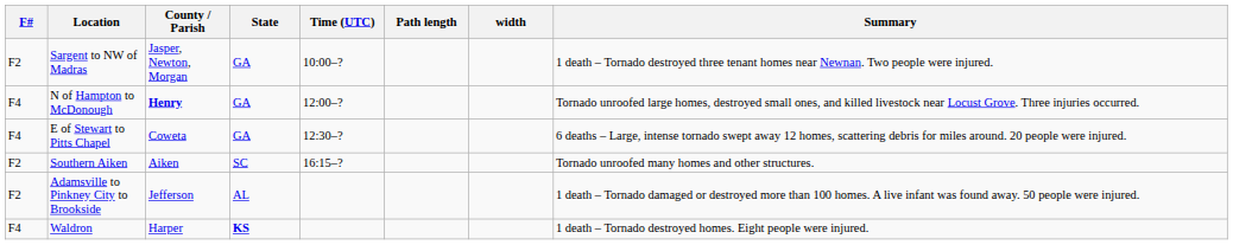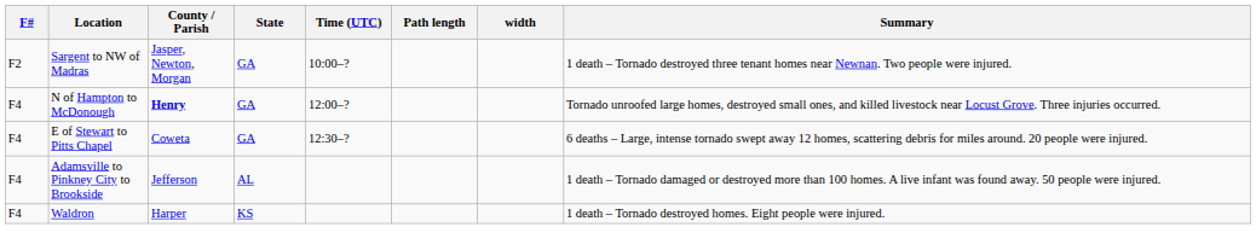 <table class="wikitable sortable" style="width:100%;">
 <tr>
 <th scope="col"  style="width:3%; text-align:center;"><a href='#'>F#</a></th>
 <th scope="col"  style="width:7%; text-align:center;" class="unsortable">Location</th>
 <th scope="col"  style="width:6%; text-align:center;" class="unsortable">County / Parish</th>
 <th scope="col"  style="width:5%; text-align:center;">State</th>
 <th scope="col"  style="width:6%; text-align:center;">Time (<a href='#'>UTC</a>)</th>
 <th scope="col"  style="width:6%; text-align:center;">Path length</th>
 <th scope="col"  style="width:6%; text-align:center;"> width</th>
 <th scope="col" class="unsortable" style="width:48%; text-align:center;">Summary</th>
 </tr>
 <tr>
 <td>F2</td>
 <td><a href='#'>Sargent</a> to NW of <a href='#'>Madras</a></td>
 <td><a href='#'>Jasper</a>, <a href='#'>Newton</a>, <a href='#'>Morgan</a></td>
 <td><a href='#'>GA</a></td>
 <td>10:00–?</td>
 <td></td>
 <td></td>
 <td>1 death – Tornado destroyed three tenant homes near <a href='#'>Newnan</a>. Two people were injured.</td>
 </tr>
 <tr>
 <td>F4</td>
 <td>N of <a href='#'>Hampton</a> to <a href='#'>McDonough</a></td>
 <td><strong><a href='#'>Henry</a></strong></td>
 <td><a href='#'>GA</a></td>
 <td>12:00–?</td>
 <td></td>
 <td></td>
 <td>Tornado unroofed large homes, destroyed small ones, and killed livestock near <a href='#'>Locust Grove</a>. Three injuries occurred.</td>
 </tr>
 <tr>
 <td>F4</td>
 <td>E of <a href='#'>Stewart</a> to <a href='#'>Pitts Chapel</a></td>
 <td><a href='#'>Coweta</a></td>
 <td><a href='#'>GA</a></td>
 <td>12:30–?</td>
 <td></td>
 <td></td>
 <td>6 deaths – Large, intense tornado swept away 12 homes, scattering debris for miles around. 20 people were injured.</td>
 </tr>
 <tr>
-<td>F2</td>
-<td><a href='#'>Southern Aiken</a></td>
-<td><a href='#'>Aiken</a></td>
-<td><a href='#'>SC</a></td>
-<td>16:15–?</td>
-<td></td>
-<td></td>
-<td>Tornado unroofed many homes and other structures.</td>
-</tr>
-<tr>
-<td>F2</td>
+<td>F4</td>
 <td><a href='#'>Adamsville</a> to <a href='#'>Pinkney City</a> to <a href='#'>Brookside</a></td>
 <td><a href='#'>Jefferson</a></td>
 <td><a href='#'>AL</a></td>
 <td></td>
 <td></td>
 <td></td>
 <td>1 death – Tornado damaged or destroyed more than 100 homes. A live infant was found  away. 50 people were injured.</td>
 </tr>
 <tr>
 <td>F4</td>
 <td><a href='#'>Waldron</a></td>
 <td><a href='#'>Harper</a></td>
-<td><strong><a href='#'>KS</a></strong></td>
+<td><a href='#'>KS</a></td>
 <td></td>
 <td></td>
 <td></td>
 <td>1 death – Tornado destroyed homes. Eight people were injured.</td>
 </tr>
 </table>
